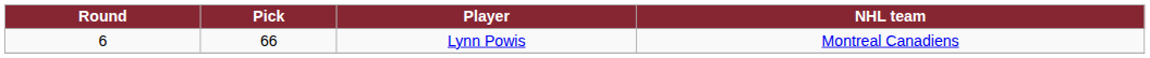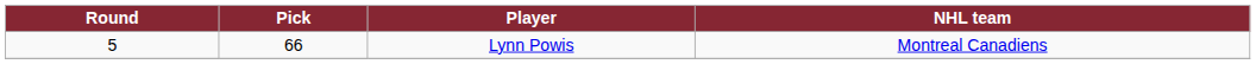 <table class="wikitable" width="60%">
 <tr>
 <th style="color:white; background:#862633; ">Round</th>
 <th style="color:white; background:#862633; ">Pick</th>
 <th style="color:white; background:#862633; ">Player</th>
 <th style="color:white; background:#862633; ">NHL team</th>
 </tr>
 <tr align="center" bgcolor="">
-<td>6</td>
+<td>5</td>
 <td>66</td>
 <td><a href='#'>Lynn Powis</a></td>
 <td><a href='#'>Montreal Canadiens</a></td>
 </tr>
 <tr align="center" bgcolor="">
 </tr>
 </table>
